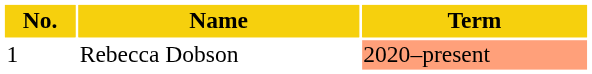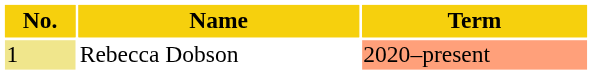 <table class="toccolours" style="width:25em">
 <tr>
 <th style="background:#f6d00d;color:black;border:#f6d00d 1px solid">No.</th>
 <th style="background:#f6d00d;color:black;border:#f6d00d 1px solid">Name</th>
 <th style="background:#f6d00d;color:black;border:#f6d00d 1px solid">Term</th>
 </tr>
 <tr>
-<td>1</td>
+<td style="background: khaki;">1</td>
 <td> Rebecca Dobson</td>
 <td style="background: lightsalmon;">2020–present</td>
 </tr>
 <tr>
 </tr>
 </table>
